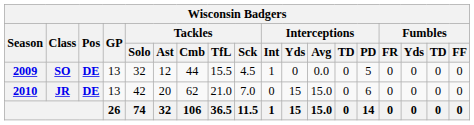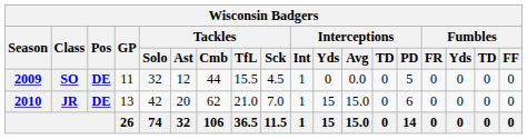 <table class="wikitable" style="text-align:center;">
 <tr>
 <th colspan="18">Wisconsin Badgers</th>
 </tr>
 <tr>
 <th rowspan="2">Season</th>
 <th rowspan="2">Class</th>
 <th rowspan="2">Pos</th>
 <th rowspan="2">GP</th>
 <th colspan="5">Tackles</th>
 <th colspan="5">Interceptions</th>
 <th colspan="4">Fumbles</th>
 </tr>
 <tr>
 <th>Solo</th>
 <th>Ast</th>
 <th>Cmb</th>
 <th>TfL</th>
 <th>Sck</th>
 <th>Int</th>
 <th>Yds</th>
 <th>Avg</th>
 <th>TD</th>
 <th>PD</th>
 <th>FR</th>
 <th>Yds</th>
 <th>TD</th>
 <th>FF</th>
 </tr>
 <tr>
 <th><a href='#'>2009</a></th>
 <th> <a href='#'>SO</a></th>
 <th><a href='#'>DE</a></th>
-<td>13</td>
+<td>11</td>
 <td>32</td>
 <td>12</td>
 <td>44</td>
 <td>15.5</td>
 <td>4.5</td>
 <td>1</td>
 <td>0</td>
 <td>0.0</td>
 <td>0</td>
 <td>5</td>
 <td>0</td>
 <td>0</td>
 <td>0</td>
 <td>0</td>
 </tr>
 <tr>
 <th><a href='#'>2010</a></th>
 <th> <a href='#'>JR</a></th>
 <th><a href='#'>DE</a></th>
 <td>13</td>
 <td>42</td>
 <td>20</td>
 <td>62</td>
 <td>21.0</td>
 <td>7.0</td>
-<td>0</td>
+<td>1</td>
 <td>15</td>
 <td>15.0</td>
 <td>0</td>
 <td>6</td>
 <td>0</td>
 <td>0</td>
 <td>0</td>
 <td>0</td>
 </tr>
 <tr>
 <th colspan="3"></th>
 <th>26</th>
 <th>74</th>
 <th>32</th>
 <th>106</th>
 <th>36.5</th>
 <th>11.5</th>
 <th>1</th>
 <th>15</th>
 <th>15.0</th>
 <th>0</th>
 <th>14</th>
 <th>0</th>
 <th>0</th>
 <th>0</th>
 <th>0</th>
 </tr>
 </table>
